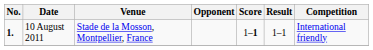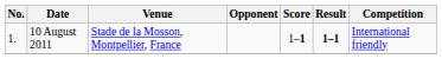 <table class="wikitable" style="font-size:100%">
 <tr>
 <th>No.</th>
 <th>Date</th>
 <th>Venue</th>
 <th>Opponent</th>
 <th>Score</th>
 <th>Result</th>
 <th>Competition</th>
 </tr>
 <tr>
-<td><strong>1.</strong></td>
+<td>1.</td>
 <td>10 August 2011</td>
 <td><a href='#'>Stade de la Mosson</a>, <a href='#'>Montpellier</a>, <a href='#'>France</a></td>
 <td></td>
 <td align="center">1–<strong>1</strong></td>
-<td align="center">1–1</td>
+<td align="center"><strong>1–1</strong></td>
 <td><a href='#'>International friendly</a></td>
 </tr>
 <tr>
 </tr>
 </table>
